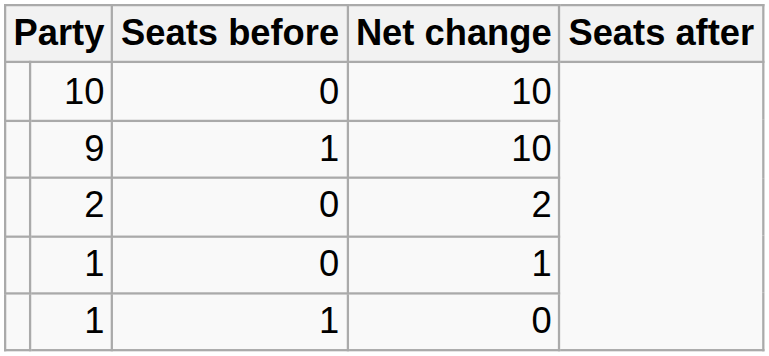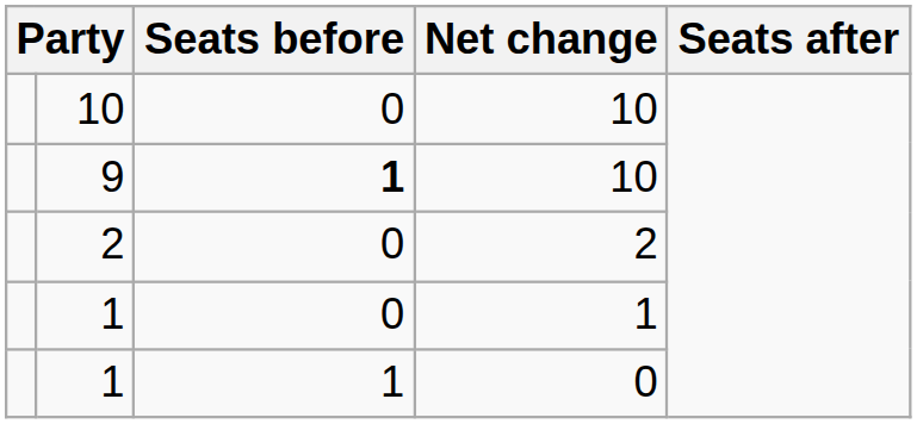 <table class=wikitable style="text-align:right">
 <tr>
 <th colspan="2">Party</th>
 <th>Seats before</th>
 <th>Net change</th>
 <th>Seats after</th>
 </tr>
 <tr>
 <td></td>
 <td>10</td>
 <td> 0</td>
 <td>10</td>
 </tr>
 <tr>
 <td></td>
 <td>9</td>
-<td> 1</td>
+<td><strong> 1</strong></td>
 <td>10</td>
 </tr>
 <tr>
 <td></td>
 <td>2</td>
 <td> 0</td>
 <td>2</td>
 </tr>
 <tr>
 <td></td>
 <td>1</td>
 <td> 0</td>
 <td>1</td>
 </tr>
 <tr>
 <td></td>
 <td>1</td>
 <td> 1</td>
 <td>0</td>
 </tr>
 </table>
